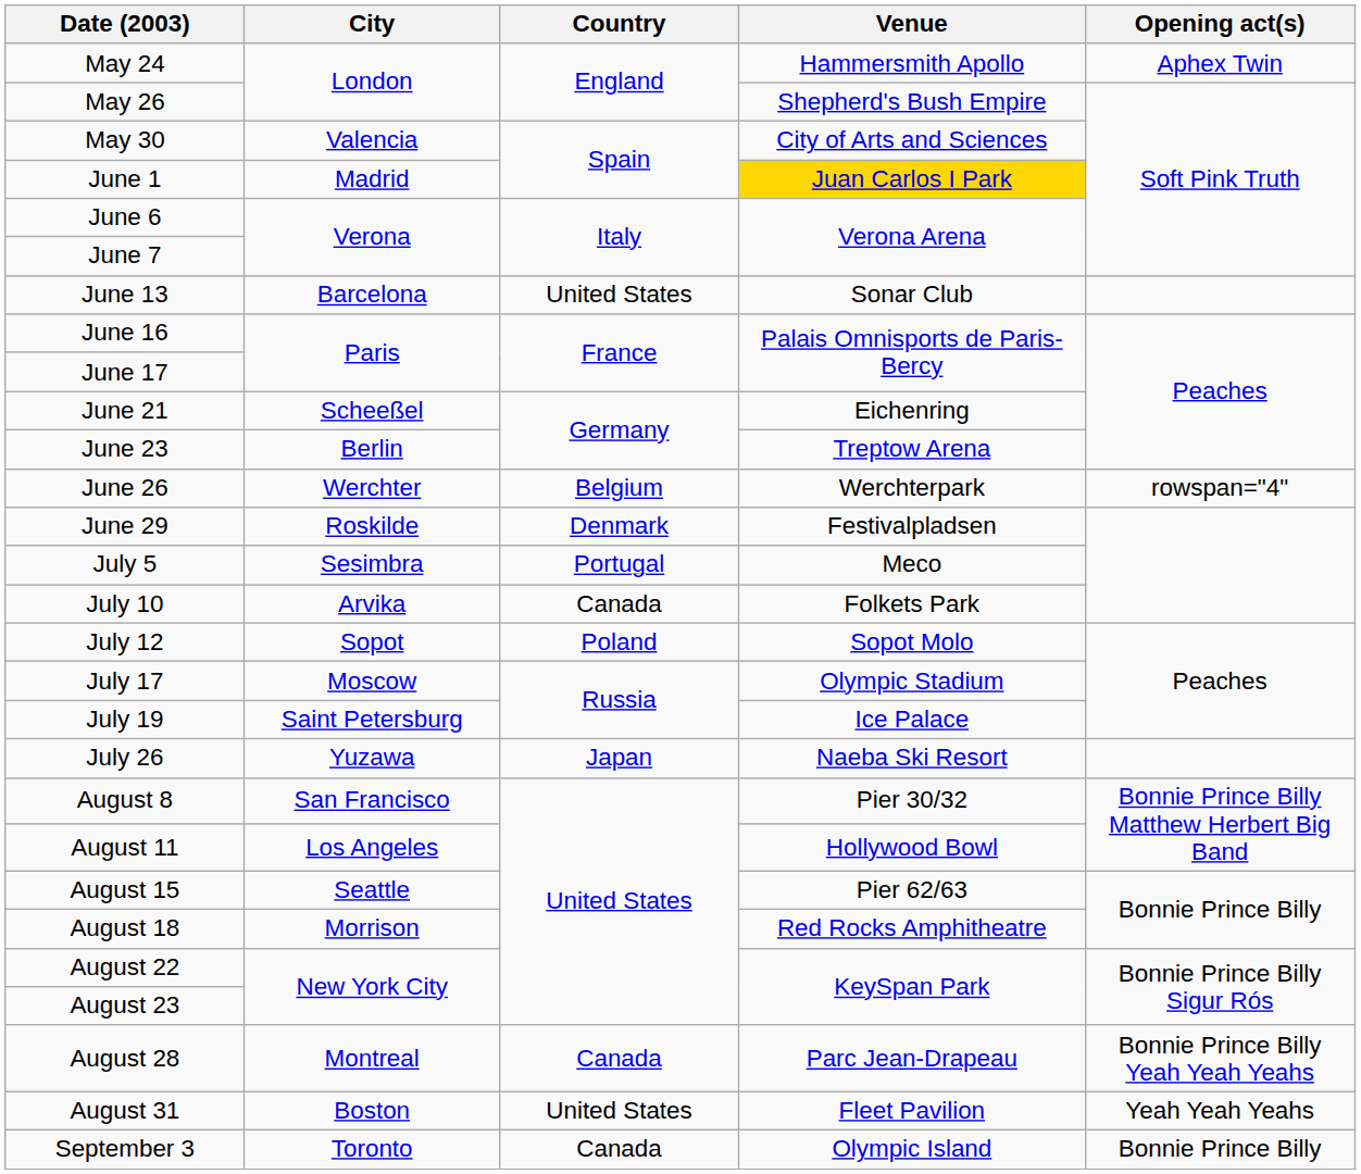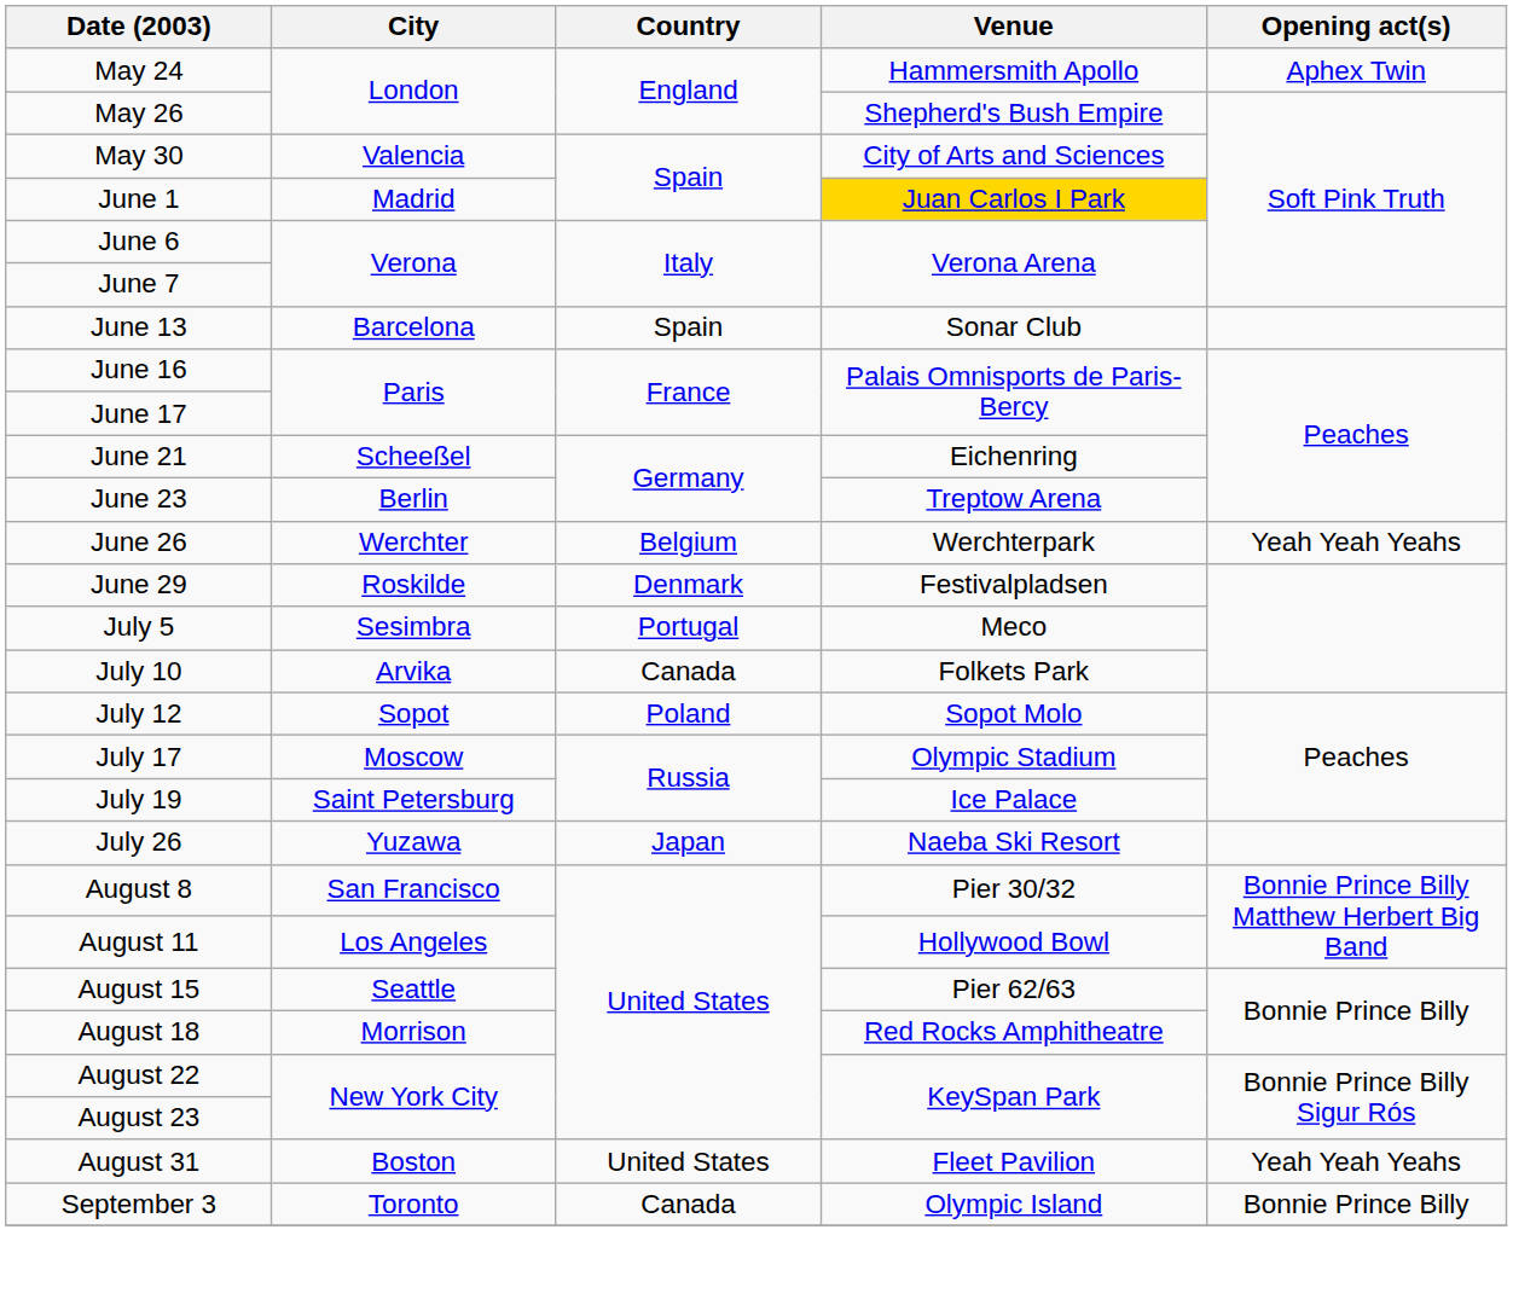 <table class="wikitable" style="text-align:center;">
 <tr>
 <th style="width:150px;">Date (2003)</th>
 <th style="width:160px;">City</th>
 <th style="width:150px;">Country</th>
 <th style="width:220px;">Venue</th>
 <th style="width:170px;">Opening act(s)</th>
 </tr>
 <tr>
 <td>May 24</td>
 <td rowspan="2"><a href='#'>London</a></td>
 <td rowspan="2"><a href='#'>England</a></td>
 <td><a href='#'>Hammersmith Apollo</a></td>
 <td><a href='#'>Aphex Twin</a></td>
 </tr>
 <tr>
 <td>May 26</td>
 <td><a href='#'>Shepherd's Bush Empire</a></td>
 <td rowspan="5"><a href='#'>Soft Pink Truth</a></td>
 </tr>
 <tr>
 <td>May 30</td>
 <td><a href='#'>Valencia</a></td>
 <td rowspan="2"><a href='#'>Spain</a></td>
 <td><a href='#'>City of Arts and Sciences</a></td>
 </tr>
 <tr>
 <td>June 1</td>
 <td><a href='#'>Madrid</a></td>
 <td style="background: gold;"><a href='#'>Juan Carlos I Park</a></td>
 </tr>
 <tr>
 <td>June 6</td>
 <td rowspan="2"><a href='#'>Verona</a></td>
 <td rowspan="2"><a href='#'>Italy</a></td>
 <td rowspan="2"><a href='#'>Verona Arena</a></td>
 </tr>
 <tr>
 <td>June 7</td>
 </tr>
 <tr>
 <td>June 13</td>
 <td><a href='#'>Barcelona</a></td>
-<td>United States</td>
+<td>Spain</td>
 <td>Sonar Club</td>
 <td></td>
 </tr>
 <tr>
 <td>June 16</td>
 <td rowspan="2"><a href='#'>Paris</a></td>
 <td rowspan="2"><a href='#'>France</a></td>
 <td rowspan="2"><a href='#'>Palais Omnisports de Paris-Bercy</a></td>
 <td rowspan="4"><a href='#'>Peaches</a></td>
 </tr>
 <tr>
 <td>June 17</td>
 </tr>
 <tr>
 <td>June 21</td>
 <td><a href='#'>Scheeßel</a></td>
 <td rowspan="2"><a href='#'>Germany</a></td>
 <td>Eichenring</td>
 </tr>
 <tr>
 <td>June 23</td>
 <td><a href='#'>Berlin</a></td>
 <td><a href='#'>Treptow Arena</a></td>
 </tr>
 <tr>
 <td>June 26</td>
 <td><a href='#'>Werchter</a></td>
 <td><a href='#'>Belgium</a></td>
 <td>Werchterpark</td>
-<td>rowspan="4" </td>
+<td>Yeah Yeah Yeahs</td>
 </tr>
 <tr>
 <td>June 29</td>
 <td><a href='#'>Roskilde</a></td>
 <td><a href='#'>Denmark</a></td>
 <td>Festivalpladsen</td>
 </tr>
 <tr>
 <td>July 5</td>
 <td><a href='#'>Sesimbra</a></td>
 <td><a href='#'>Portugal</a></td>
 <td>Meco</td>
 </tr>
 <tr>
 <td>July 10</td>
 <td><a href='#'>Arvika</a></td>
 <td>Canada</td>
 <td>Folkets Park</td>
 </tr>
 <tr>
 <td>July 12</td>
 <td><a href='#'>Sopot</a></td>
 <td><a href='#'>Poland</a></td>
 <td><a href='#'>Sopot Molo</a></td>
 <td rowspan="3">Peaches</td>
 </tr>
 <tr>
 <td>July 17</td>
 <td><a href='#'>Moscow</a></td>
 <td rowspan="2"><a href='#'>Russia</a></td>
 <td><a href='#'>Olympic Stadium</a></td>
 </tr>
 <tr>
 <td>July 19</td>
 <td><a href='#'>Saint Petersburg</a></td>
 <td><a href='#'>Ice Palace</a></td>
 </tr>
 <tr>
 <td>July 26</td>
 <td><a href='#'>Yuzawa</a></td>
 <td><a href='#'>Japan</a></td>
 <td><a href='#'>Naeba Ski Resort</a></td>
 <td></td>
 </tr>
 <tr>
 <td>August 8</td>
 <td><a href='#'>San Francisco</a></td>
 <td rowspan="6"><a href='#'>United States</a></td>
 <td>Pier 30/32</td>
 <td rowspan="2"><a href='#'>Bonnie Prince Billy</a><br><a href='#'>Matthew Herbert Big Band</a></td>
 </tr>
 <tr>
 <td>August 11</td>
 <td><a href='#'>Los Angeles</a></td>
 <td><a href='#'>Hollywood Bowl</a></td>
 </tr>
 <tr>
 <td>August 15</td>
 <td><a href='#'>Seattle</a></td>
 <td>Pier 62/63</td>
 <td rowspan="2">Bonnie Prince Billy</td>
 </tr>
 <tr>
 <td>August 18</td>
 <td><a href='#'>Morrison</a></td>
 <td><a href='#'>Red Rocks Amphitheatre</a></td>
 </tr>
 <tr>
 <td>August 22</td>
 <td rowspan="2"><a href='#'>New York City</a></td>
 <td rowspan="2"><a href='#'>KeySpan Park</a></td>
 <td rowspan="2">Bonnie Prince Billy<br><a href='#'>Sigur Rós</a></td>
 </tr>
 <tr>
 <td>August 23</td>
 </tr>
 <tr>
-<td>August 28</td>
-<td><a href='#'>Montreal</a></td>
-<td><a href='#'>Canada</a></td>
-<td><a href='#'>Parc Jean-Drapeau</a></td>
-<td>Bonnie Prince Billy<br><a href='#'>Yeah Yeah Yeahs</a></td>
-</tr>
-<tr>
 <td>August 31</td>
 <td><a href='#'>Boston</a></td>
 <td>United States</td>
 <td><a href='#'>Fleet Pavilion</a></td>
 <td>Yeah Yeah Yeahs</td>
 </tr>
 <tr>
 <td>September 3</td>
 <td><a href='#'>Toronto</a></td>
 <td>Canada</td>
 <td><a href='#'>Olympic Island</a></td>
 <td>Bonnie Prince Billy</td>
 </tr>
 <tr>
 </tr>
 </table>
